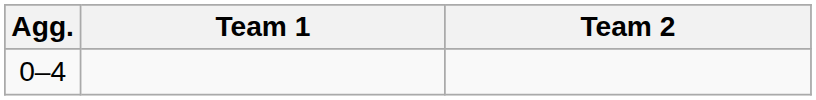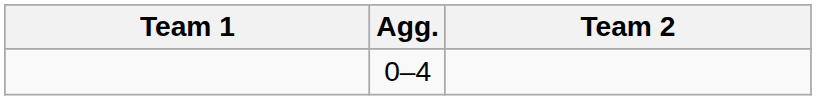 <table class="wikitable" style="text-align:center">
 <tr>
+<th width=200>Team 1</th>
 <th>Agg.</th>
-<th width=200>Team 1</th>
 <th width=200>Team 2</th>
 </tr>
 <tr>
+<td align=right></td>
 <td>0–4</td>
-<td align=right></td>
 <td align=left><strong></strong></td>
 </tr>
 </table>
